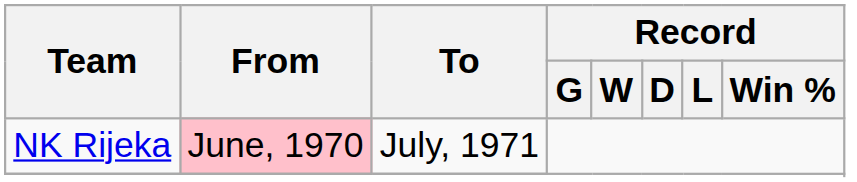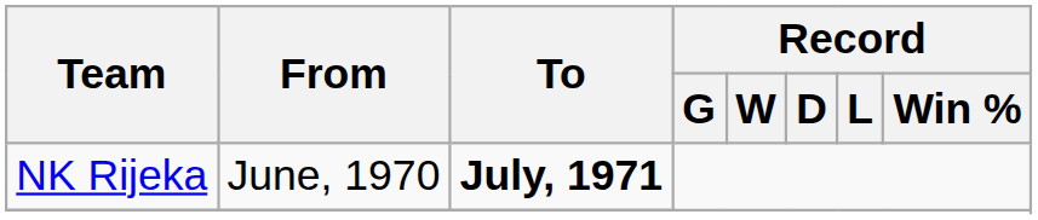 <table class="wikitable sortable">
 <tr>
 <th rowspan="2">Team</th>
 <th rowspan="2">From</th>
 <th rowspan="2">To</th>
 <th colspan="5">Record</th>
 </tr>
 <tr>
 <th>G</th>
 <th>W</th>
 <th>D</th>
 <th>L</th>
 <th>Win %</th>
 </tr>
 <tr>
 <td><a href='#'>NK Rijeka</a></td>
-<td style="background: pink;">June, 1970</td>
-<td>July, 1971<br></td>
+<td>June, 1970</td>
+<td><strong>July, 1971<br></strong></td>
 </tr>
 <tr>
 </tr>
 </table>
